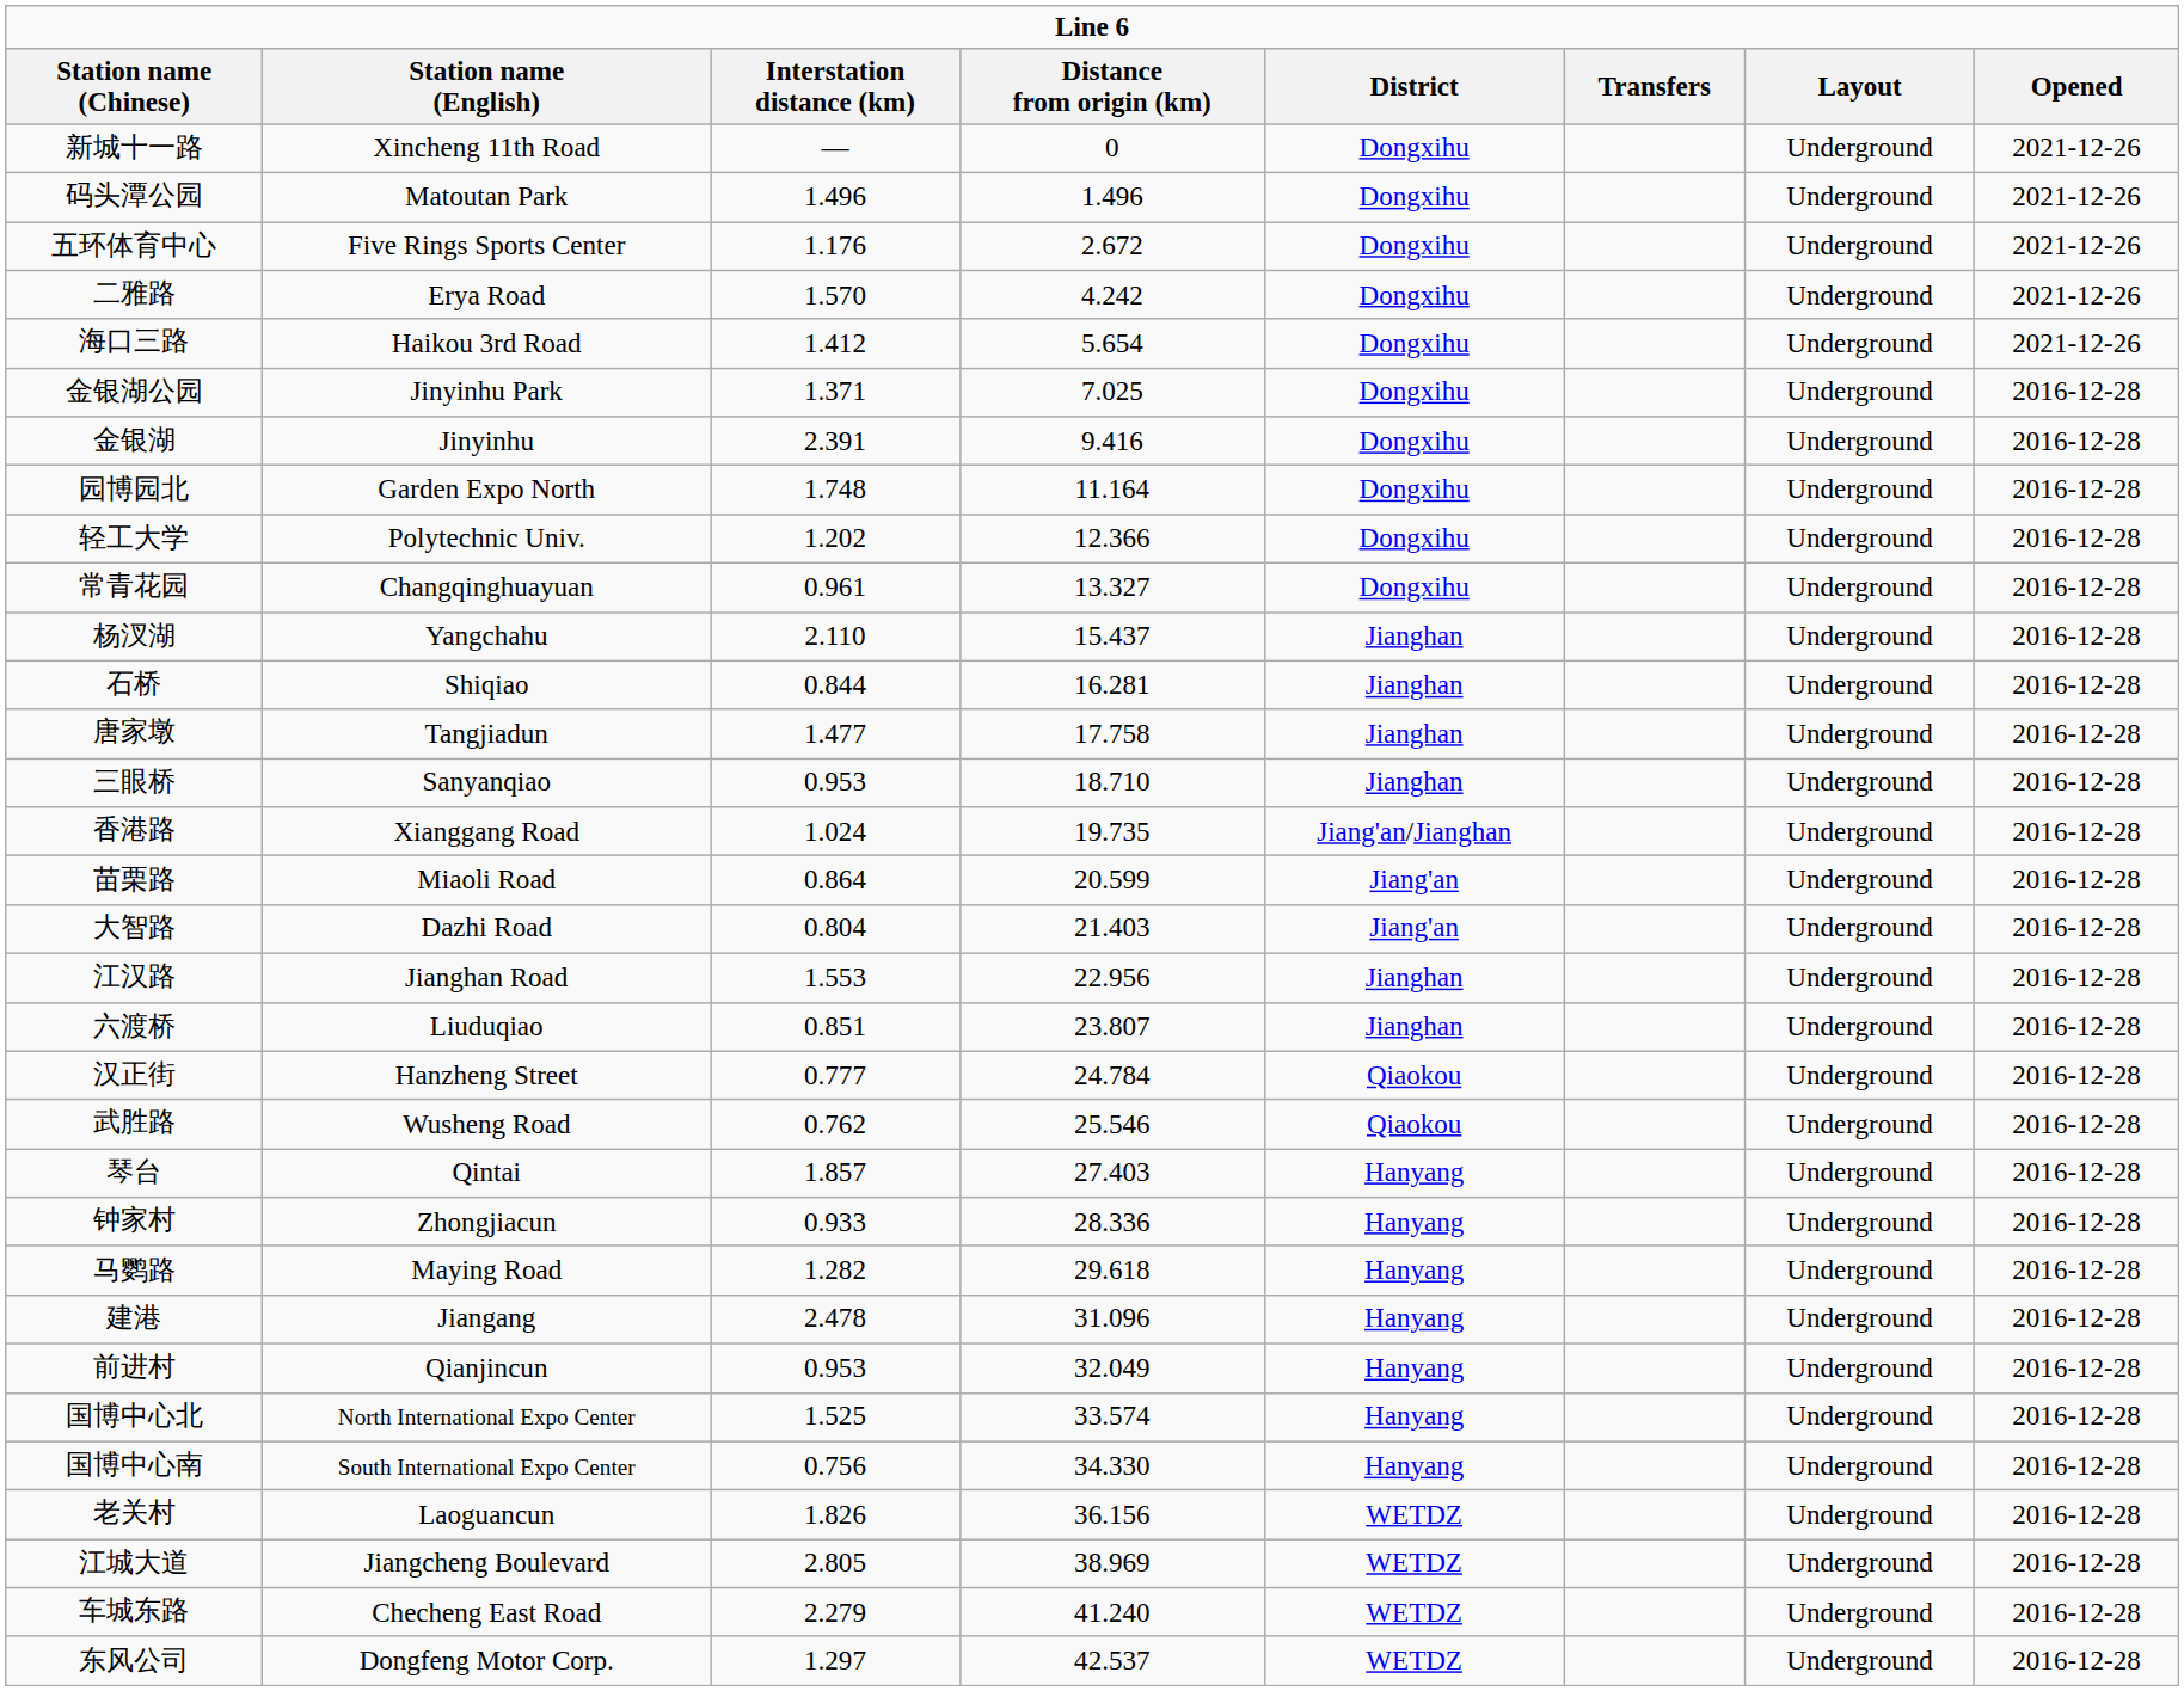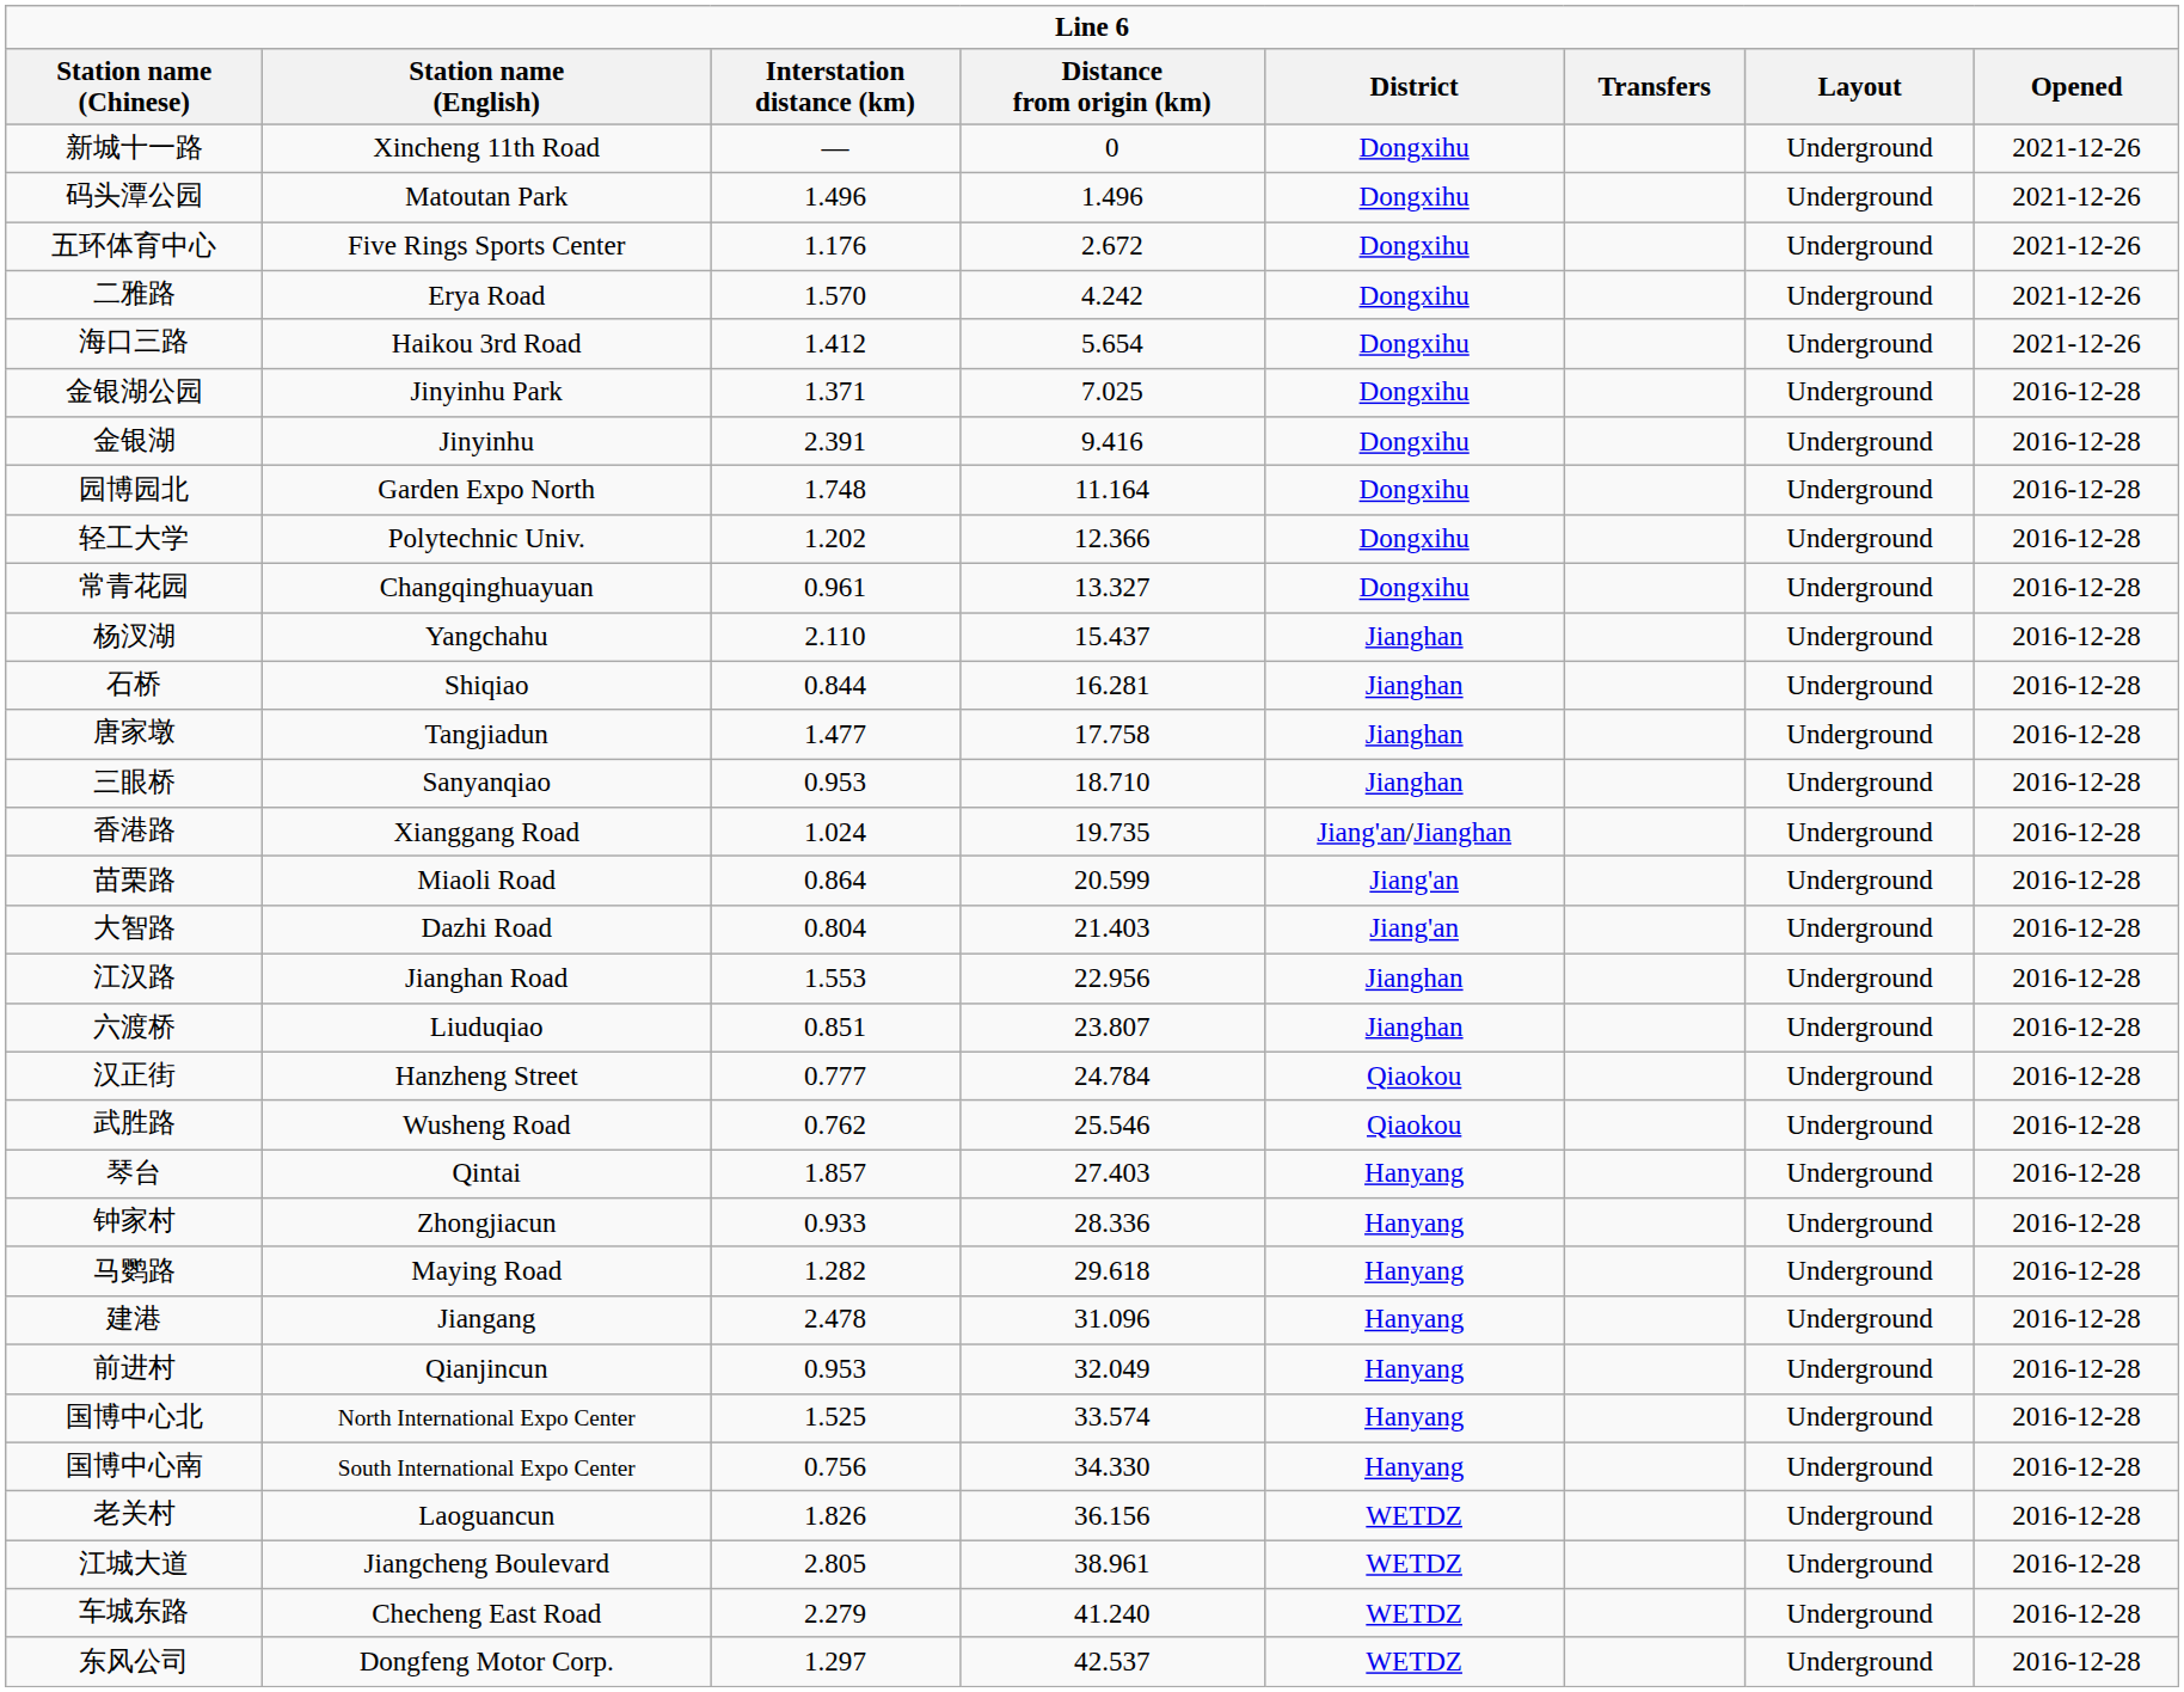 <table class="wikitable" style="width:100%; text-align: center;">
 <tr>
 <td align=center colspan=10><span><strong>Line 6</strong></span></td>
 </tr>
 <tr bgcolor="#CCCCCC">
 <th>Station name<br>(Chinese)</th>
 <th>Station name<br>(English)</th>
 <th>Interstation<br>distance (km)</th>
 <th>Distance<br>from origin (km)</th>
 <th>District</th>
 <th>Transfers</th>
 <th>Layout</th>
 <th>Opened</th>
 </tr>
 <tr>
 <td>新城十一路</td>
 <td>Xincheng 11th Road</td>
 <td>—</td>
 <td>0</td>
 <td><a href='#'>Dongxihu</a></td>
 <td></td>
 <td>Underground</td>
 <td>2021-12-26</td>
 </tr>
 <tr>
 <td>码头潭公园</td>
 <td>Matoutan Park</td>
 <td>1.496</td>
 <td>1.496</td>
 <td><a href='#'>Dongxihu</a></td>
 <td></td>
 <td>Underground</td>
 <td>2021-12-26</td>
 </tr>
 <tr>
 <td>五环体育中心</td>
 <td>Five Rings Sports Center</td>
 <td>1.176</td>
 <td>2.672</td>
 <td><a href='#'>Dongxihu</a></td>
 <td></td>
 <td>Underground</td>
 <td>2021-12-26</td>
 </tr>
 <tr>
 <td>二雅路</td>
 <td>Erya Road</td>
 <td>1.570</td>
 <td>4.242</td>
 <td><a href='#'>Dongxihu</a></td>
 <td></td>
 <td>Underground</td>
 <td>2021-12-26</td>
 </tr>
 <tr>
 <td>海口三路</td>
 <td>Haikou 3rd Road</td>
 <td>1.412</td>
 <td>5.654</td>
 <td><a href='#'>Dongxihu</a></td>
 <td></td>
 <td>Underground</td>
 <td>2021-12-26</td>
 </tr>
 <tr>
 <td>金银湖公园</td>
 <td>Jinyinhu Park</td>
 <td>1.371</td>
 <td>7.025</td>
 <td><a href='#'>Dongxihu</a></td>
 <td></td>
 <td>Underground</td>
 <td>2016-12-28</td>
 </tr>
 <tr>
 <td>金银湖</td>
 <td>Jinyinhu</td>
 <td>2.391</td>
 <td>9.416</td>
 <td><a href='#'>Dongxihu</a></td>
 <td></td>
 <td>Underground</td>
 <td>2016-12-28</td>
 </tr>
 <tr>
 <td>园博园北</td>
 <td>Garden Expo North</td>
 <td>1.748</td>
 <td>11.164</td>
 <td><a href='#'>Dongxihu</a></td>
 <td></td>
 <td>Underground</td>
 <td>2016-12-28</td>
 </tr>
 <tr>
 <td>轻工大学</td>
 <td>Polytechnic Univ.</td>
 <td>1.202</td>
 <td>12.366</td>
 <td><a href='#'>Dongxihu</a></td>
 <td></td>
 <td>Underground</td>
 <td>2016-12-28</td>
 </tr>
 <tr>
 <td>常青花园</td>
 <td>Changqinghuayuan</td>
 <td>0.961</td>
 <td>13.327</td>
 <td><a href='#'>Dongxihu</a></td>
 <td></td>
 <td>Underground</td>
 <td>2016-12-28</td>
 </tr>
 <tr>
 <td>杨汊湖</td>
 <td>Yangchahu</td>
 <td>2.110</td>
 <td>15.437</td>
 <td><a href='#'>Jianghan</a></td>
 <td></td>
 <td>Underground</td>
 <td>2016-12-28</td>
 </tr>
 <tr>
 <td>石桥</td>
 <td>Shiqiao</td>
 <td>0.844</td>
 <td>16.281</td>
 <td><a href='#'>Jianghan</a></td>
 <td><em></em></td>
 <td>Underground</td>
 <td>2016-12-28</td>
 </tr>
 <tr>
 <td>唐家墩</td>
 <td>Tangjiadun</td>
 <td>1.477</td>
 <td>17.758</td>
 <td><a href='#'>Jianghan</a></td>
 <td><em></em></td>
 <td>Underground</td>
 <td>2016-12-28</td>
 </tr>
 <tr>
 <td>三眼桥</td>
 <td>Sanyanqiao</td>
 <td>0.953</td>
 <td>18.710</td>
 <td><a href='#'>Jianghan</a></td>
 <td></td>
 <td>Underground</td>
 <td>2016-12-28</td>
 </tr>
 <tr>
 <td>香港路</td>
 <td>Xianggang Road</td>
 <td>1.024</td>
 <td>19.735</td>
 <td><a href='#'>Jiang'an</a>/<a href='#'>Jianghan</a></td>
 <td> </td>
 <td>Underground</td>
 <td>2016-12-28</td>
 </tr>
 <tr>
 <td>苗栗路</td>
 <td>Miaoli Road</td>
 <td>0.864</td>
 <td>20.599</td>
 <td><a href='#'>Jiang'an</a></td>
 <td></td>
 <td>Underground</td>
 <td>2016-12-28</td>
 </tr>
 <tr>
 <td>大智路</td>
 <td>Dazhi Road</td>
 <td>0.804</td>
 <td>21.403</td>
 <td><a href='#'>Jiang'an</a></td>
 <td></td>
 <td>Underground</td>
 <td>2016-12-28</td>
 </tr>
 <tr>
 <td>江汉路</td>
 <td>Jianghan Road</td>
 <td>1.553</td>
 <td>22.956</td>
 <td><a href='#'>Jianghan</a></td>
 <td></td>
 <td>Underground</td>
 <td>2016-12-28</td>
 </tr>
 <tr>
 <td>六渡桥</td>
 <td>Liuduqiao</td>
 <td>0.851</td>
 <td>23.807</td>
 <td><a href='#'>Jianghan</a></td>
 <td></td>
 <td>Underground</td>
 <td>2016-12-28</td>
 </tr>
 <tr>
 <td>汉正街</td>
 <td>Hanzheng Street</td>
 <td>0.777</td>
 <td>24.784</td>
 <td><a href='#'>Qiaokou</a></td>
 <td></td>
 <td>Underground</td>
 <td>2016-12-28</td>
 </tr>
 <tr>
 <td>武胜路</td>
 <td>Wusheng Road</td>
 <td>0.762</td>
 <td>25.546</td>
 <td><a href='#'>Qiaokou</a></td>
 <td></td>
 <td>Underground</td>
 <td>2016-12-28</td>
 </tr>
 <tr>
 <td>琴台</td>
 <td>Qintai</td>
 <td>1.857</td>
 <td>27.403</td>
 <td><a href='#'>Hanyang</a></td>
 <td></td>
 <td>Underground</td>
 <td>2016-12-28</td>
 </tr>
 <tr>
 <td>钟家村</td>
 <td>Zhongjiacun</td>
 <td>0.933</td>
 <td>28.336</td>
 <td><a href='#'>Hanyang</a></td>
 <td></td>
 <td>Underground</td>
 <td>2016-12-28</td>
 </tr>
 <tr>
 <td>马鹦路</td>
 <td>Maying Road</td>
 <td>1.282</td>
 <td>29.618</td>
 <td><a href='#'>Hanyang</a></td>
 <td></td>
 <td>Underground</td>
 <td>2016-12-28</td>
 </tr>
 <tr>
 <td>建港</td>
 <td>Jiangang</td>
 <td>2.478</td>
 <td>31.096</td>
 <td><a href='#'>Hanyang</a></td>
 <td></td>
 <td>Underground</td>
 <td>2016-12-28</td>
 </tr>
 <tr>
 <td>前进村</td>
 <td>Qianjincun</td>
 <td>0.953</td>
 <td>32.049</td>
 <td><a href='#'>Hanyang</a></td>
 <td></td>
 <td>Underground</td>
 <td>2016-12-28</td>
 </tr>
 <tr>
 <td>国博中心北</td>
 <td><small>North International Expo Center</small></td>
 <td>1.525</td>
 <td>33.574</td>
 <td><a href='#'>Hanyang</a></td>
 <td></td>
 <td>Underground</td>
 <td>2016-12-28</td>
 </tr>
 <tr>
 <td>国博中心南</td>
 <td><small>South International Expo Center</small></td>
 <td>0.756</td>
 <td>34.330</td>
 <td><a href='#'>Hanyang</a></td>
 <td> <em></em></td>
 <td>Underground</td>
 <td>2016-12-28</td>
 </tr>
 <tr>
 <td>老关村</td>
 <td>Laoguancun</td>
 <td>1.826</td>
 <td>36.156</td>
 <td><a href='#'>WETDZ</a> </td>
 <td></td>
 <td>Underground</td>
 <td>2016-12-28</td>
 </tr>
 <tr>
 <td>江城大道</td>
 <td>Jiangcheng Boulevard</td>
 <td>2.805</td>
-<td>38.969</td>
+<td>38.961</td>
 <td><a href='#'>WETDZ</a></td>
 <td><em></em></td>
 <td>Underground</td>
 <td>2016-12-28</td>
 </tr>
 <tr>
 <td>车城东路</td>
 <td>Checheng East Road</td>
 <td>2.279</td>
 <td>41.240</td>
 <td><a href='#'>WETDZ</a></td>
 <td></td>
 <td>Underground</td>
 <td>2016-12-28</td>
 </tr>
 <tr>
 <td>东风公司</td>
 <td>Dongfeng Motor Corp.</td>
 <td>1.297</td>
 <td>42.537</td>
 <td><a href='#'>WETDZ</a></td>
 <td></td>
 <td>Underground</td>
 <td>2016-12-28</td>
 </tr>
 </table>
